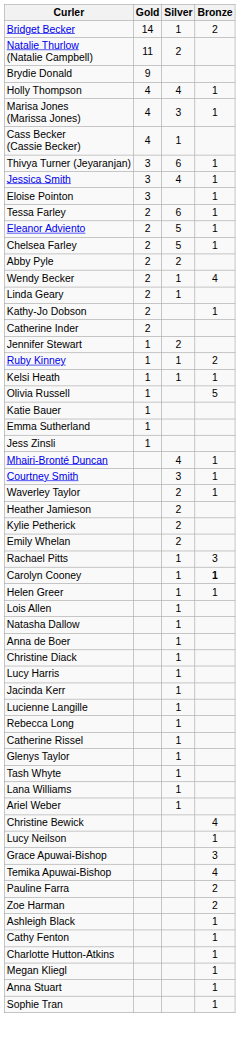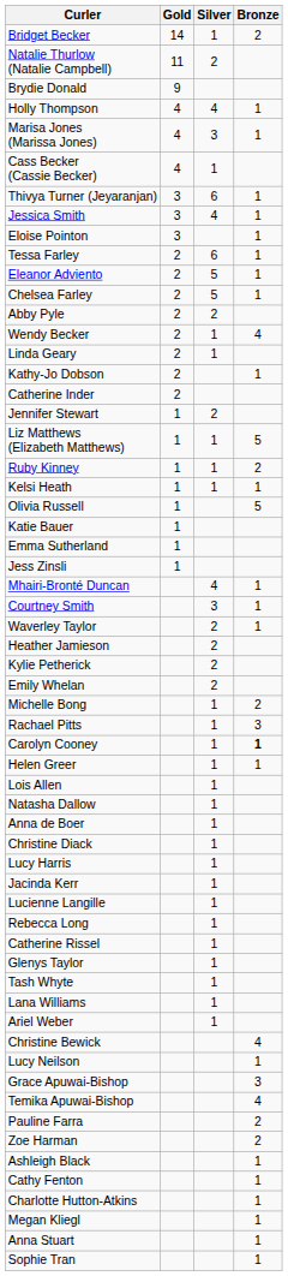 <table class="wikitable" style="text-align:center;">
 <tr>
 <th>Curler</th>
 <th>Gold</th>
 <th>Silver</th>
 <th>Bronze</th>
 </tr>
 <tr>
 <td align="left"><a href='#'>Bridget Becker</a></td>
 <td>14</td>
 <td>1</td>
 <td>2</td>
 </tr>
 <tr>
 <td align="left"><a href='#'>Natalie Thurlow</a><br>(Natalie Campbell)</td>
 <td>11</td>
 <td>2</td>
 <td></td>
 </tr>
 <tr>
 <td align="left">Brydie Donald</td>
 <td>9</td>
 <td></td>
 <td></td>
 </tr>
 <tr>
 <td align="left">Holly Thompson</td>
 <td>4</td>
 <td>4</td>
 <td>1</td>
 </tr>
 <tr>
 <td align="left">Marisa Jones<br>(Marissa Jones)</td>
 <td>4</td>
 <td>3</td>
 <td>1</td>
 </tr>
 <tr>
 <td align="left">Cass Becker<br>(Cassie Becker)</td>
 <td>4</td>
 <td>1</td>
 <td></td>
 </tr>
 <tr>
 <td align="left">Thivya Turner (Jeyaranjan)</td>
 <td>3</td>
 <td>6</td>
 <td>1</td>
 </tr>
 <tr>
 <td align="left"><a href='#'>Jessica Smith</a></td>
 <td>3</td>
 <td>4</td>
 <td>1</td>
 </tr>
 <tr>
 <td align="left">Eloise Pointon</td>
 <td>3</td>
 <td></td>
 <td>1</td>
 </tr>
 <tr>
 <td align="left">Tessa Farley</td>
 <td>2</td>
 <td>6</td>
 <td>1</td>
 </tr>
 <tr>
 <td align="left"><a href='#'>Eleanor Adviento</a></td>
 <td>2</td>
 <td>5</td>
 <td>1</td>
 </tr>
 <tr>
 <td align="left">Chelsea Farley</td>
 <td>2</td>
 <td>5</td>
 <td>1</td>
 </tr>
 <tr>
 <td align="left">Abby Pyle</td>
 <td>2</td>
 <td>2</td>
 <td></td>
 </tr>
 <tr>
 <td align="left">Wendy Becker</td>
 <td>2</td>
 <td>1</td>
 <td>4</td>
 </tr>
 <tr>
 <td align="left">Linda Geary</td>
 <td>2</td>
 <td>1</td>
 <td></td>
 </tr>
 <tr>
 <td align="left">Kathy-Jo Dobson</td>
 <td>2</td>
 <td></td>
 <td>1</td>
 </tr>
 <tr>
 <td align="left">Catherine Inder</td>
 <td>2</td>
 <td></td>
 <td></td>
 </tr>
 <tr>
 <td align="left">Jennifer Stewart</td>
 <td>1</td>
 <td>2</td>
 <td></td>
 </tr>
 <tr>
+<td align="left">Liz Matthews<br>(Elizabeth Matthews)</td>
+<td>1</td>
+<td>1</td>
+<td>5</td>
+</tr>
+<tr>
 <td align="left"><a href='#'>Ruby Kinney</a></td>
 <td>1</td>
 <td>1</td>
 <td>2</td>
 </tr>
 <tr>
 <td align="left">Kelsi Heath</td>
 <td>1</td>
 <td>1</td>
 <td>1</td>
 </tr>
 <tr>
 <td align="left">Olivia Russell</td>
 <td>1</td>
 <td></td>
 <td>5</td>
 </tr>
 <tr>
 <td align="left">Katie Bauer</td>
 <td>1</td>
 <td></td>
 <td></td>
 </tr>
 <tr>
 <td align="left">Emma Sutherland</td>
 <td>1</td>
 <td></td>
 <td></td>
 </tr>
 <tr>
 <td align="left">Jess Zinsli</td>
 <td>1</td>
 <td></td>
 <td></td>
 </tr>
 <tr>
 <td align="left"><a href='#'>Mhairi-Bronté Duncan</a></td>
 <td></td>
 <td>4</td>
 <td>1</td>
 </tr>
 <tr>
 <td align="left"><a href='#'>Courtney Smith</a></td>
 <td></td>
 <td>3</td>
 <td>1</td>
 </tr>
 <tr>
 <td align="left">Waverley Taylor</td>
 <td></td>
 <td>2</td>
 <td>1</td>
 </tr>
 <tr>
 <td align="left">Heather Jamieson</td>
 <td></td>
 <td>2</td>
 <td></td>
 </tr>
 <tr>
 <td align="left">Kylie Petherick</td>
 <td></td>
 <td>2</td>
 <td></td>
 </tr>
 <tr>
 <td align="left">Emily Whelan</td>
 <td></td>
 <td>2</td>
 <td></td>
+</tr>
+<tr>
+<td align="left">Michelle Bong</td>
+<td></td>
+<td>1</td>
+<td>2</td>
 </tr>
 <tr>
 <td align="left">Rachael Pitts</td>
 <td></td>
 <td>1</td>
 <td>3</td>
 </tr>
 <tr>
 <td align="left">Carolyn Cooney</td>
 <td></td>
 <td>1</td>
 <td><strong>1</strong></td>
 </tr>
 <tr>
 <td align="left">Helen Greer</td>
 <td></td>
 <td>1</td>
 <td>1</td>
 </tr>
 <tr>
 <td align="left">Lois Allen</td>
 <td></td>
 <td>1</td>
 <td></td>
 </tr>
 <tr>
 <td align="left">Natasha Dallow</td>
 <td></td>
 <td>1</td>
 <td></td>
 </tr>
 <tr>
 <td align="left">Anna de Boer</td>
 <td></td>
 <td>1</td>
 <td></td>
 </tr>
 <tr>
 <td align="left">Christine Diack</td>
 <td></td>
 <td>1</td>
 <td></td>
 </tr>
 <tr>
 <td align="left">Lucy Harris</td>
 <td></td>
 <td>1</td>
 <td></td>
 </tr>
 <tr>
 <td align="left">Jacinda Kerr</td>
 <td></td>
 <td>1</td>
 <td></td>
 </tr>
 <tr>
 <td align="left">Lucienne Langille</td>
 <td></td>
 <td>1</td>
 <td></td>
 </tr>
 <tr>
 <td align="left">Rebecca Long</td>
 <td></td>
 <td>1</td>
 <td></td>
 </tr>
 <tr>
 <td align="left">Catherine Rissel</td>
 <td></td>
 <td>1</td>
 <td></td>
 </tr>
 <tr>
 <td align="left">Glenys Taylor</td>
 <td></td>
 <td>1</td>
 <td></td>
 </tr>
 <tr>
 <td align="left">Tash Whyte</td>
 <td></td>
 <td>1</td>
 <td></td>
 </tr>
 <tr>
 <td align="left">Lana Williams</td>
 <td></td>
 <td>1</td>
 <td></td>
 </tr>
 <tr>
 <td align="left">Ariel Weber</td>
 <td></td>
 <td>1</td>
 <td></td>
 </tr>
 <tr>
 <td align="left">Christine Bewick</td>
 <td></td>
 <td></td>
 <td>4</td>
 </tr>
 <tr>
 <td align="left">Lucy Neilson</td>
 <td></td>
 <td></td>
 <td>1</td>
 </tr>
 <tr>
 <td align="left">Grace Apuwai-Bishop</td>
 <td></td>
 <td></td>
 <td>3</td>
 </tr>
 <tr>
 <td align="left">Temika Apuwai-Bishop</td>
 <td></td>
 <td></td>
 <td>4</td>
 </tr>
 <tr>
 <td align="left">Pauline Farra</td>
 <td></td>
 <td></td>
 <td>2</td>
 </tr>
 <tr>
 <td align="left">Zoe Harman</td>
 <td></td>
 <td></td>
 <td>2</td>
 </tr>
 <tr>
 <td align="left">Ashleigh Black</td>
 <td></td>
 <td></td>
 <td>1</td>
 </tr>
 <tr>
 <td align="left">Cathy Fenton</td>
 <td></td>
 <td></td>
 <td>1</td>
 </tr>
 <tr>
 <td align="left">Charlotte Hutton-Atkins</td>
 <td></td>
 <td></td>
 <td>1</td>
 </tr>
 <tr>
 <td align="left">Megan Kliegl</td>
 <td></td>
 <td></td>
 <td>1</td>
 </tr>
 <tr>
 <td align="left">Anna Stuart</td>
 <td></td>
 <td></td>
 <td>1</td>
 </tr>
 <tr>
 <td align="left">Sophie Tran</td>
 <td></td>
 <td></td>
 <td>1</td>
 </tr>
 </table>
